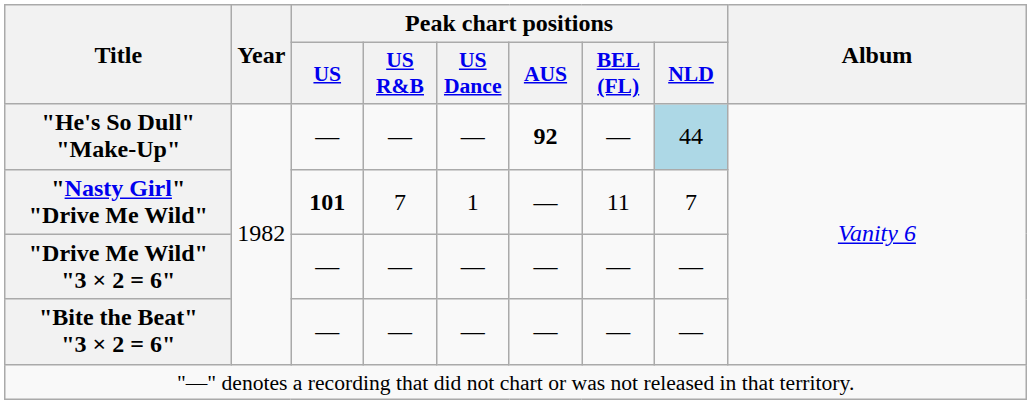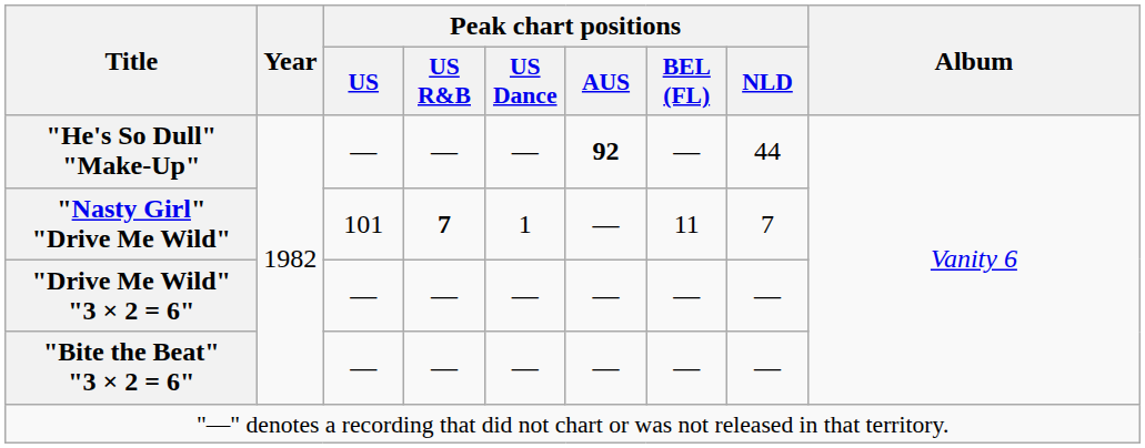 <table class="wikitable plainrowheaders" style="text-align:center;">
 <tr>
 <th scope="col" rowspan="2" style="width:9em;">Title<br></th>
 <th scope="col" rowspan="2" style="width:0.5em;">Year</th>
 <th scope="col" colspan="6">Peak chart positions</th>
 <th scope="col" rowspan="2" style="width:12em;">Album</th>
 </tr>
 <tr>
 <th scope="col" style="width:2.9em;font-size:90%;"><a href='#'>US</a><br></th>
 <th scope="col" style="width:2.9em;font-size:90%;"><a href='#'>US<br>R&B</a></th>
 <th scope="col" style="width:2.9em;font-size:90%;"><a href='#'>US Dance</a><br></th>
 <th scope="col" style="width:2.9em;font-size:90%;"><a href='#'>AUS</a><br></th>
 <th scope="col" style="width:2.9em;font-size:90%;"><a href='#'>BEL<br>(FL)</a><br></th>
 <th scope="col" style="width:2.9em;font-size:90%;"><a href='#'>NLD</a><br></th>
 </tr>
 <tr>
 <th scope="row">"He's So Dull"<br>"Make-Up"</th>
 <td rowspan=4>1982</td>
 <td>—</td>
 <td>—</td>
 <td>—</td>
 <td><strong>92</strong></td>
 <td>—</td>
-<td style="background: lightblue;">44</td>
+<td>44</td>
 <td rowspan=4><em><a href='#'>Vanity 6</a></em></td>
 </tr>
 <tr>
 <th scope="row">"<a href='#'>Nasty Girl</a>"<br>"Drive Me Wild"</th>
-<td><strong>101</strong></td>
-<td>7</td>
+<td>101</td>
+<td><strong>7</strong></td>
 <td>1</td>
 <td>—</td>
 <td>11</td>
 <td>7</td>
 </tr>
 <tr>
 <th scope="row">"Drive Me Wild"<br>"3 × 2 = 6"</th>
 <td>—</td>
 <td>—</td>
 <td>—</td>
 <td>—</td>
 <td>—</td>
 <td>—</td>
 </tr>
 <tr>
 <th scope="row">"Bite the Beat"<br>"3 × 2 = 6"</th>
 <td>—</td>
 <td>—</td>
 <td>—</td>
 <td>—</td>
 <td>—</td>
 <td>—</td>
 </tr>
 <tr>
 <td colspan="9" style="font-size:90%">"—" denotes a recording that did not chart or was not released in that territory.</td>
 </tr>
 </table>
